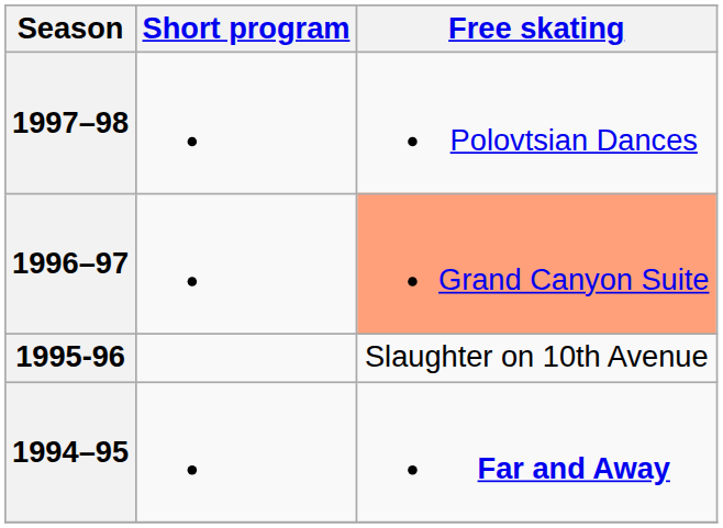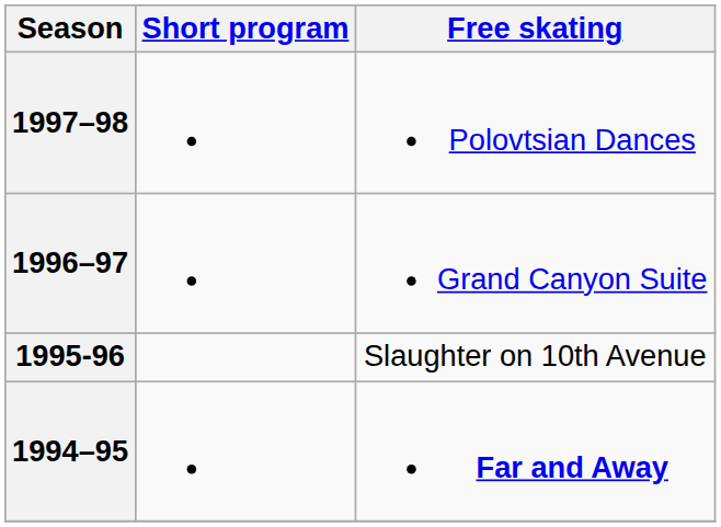 <table class="wikitable" style="text-align:center">
 <tr>
 <th>Season</th>
 <th><a href='#'>Short program</a></th>
 <th><a href='#'>Free skating</a></th>
 </tr>
 <tr>
 <th>1997–98</th>
 <td><br><ul><li></li></ul></td>
 <td><br><ul><li><a href='#'>Polovtsian Dances</a> <br></li></ul></td>
 </tr>
 <tr>
 <th>1996–97</th>
 <td><br><ul><li></li></ul></td>
-<td style="background: lightsalmon;"><br><ul><li><a href='#'>Grand Canyon Suite</a></li></ul></td>
+<td><br><ul><li><a href='#'>Grand Canyon Suite</a></li></ul></td>
 </tr>
 <tr>
 <th>1995-96</th>
 <td></td>
 <td>Slaughter on 10th Avenue</td>
 </tr>
 <tr>
 <th>1994–95</th>
 <td><br><ul><li></li></ul></td>
 <td><strong><br><ul><li><a href='#'>Far and Away</a> <br></li></ul></strong></td>
 </tr>
 <tr>
 </tr>
 </table>
